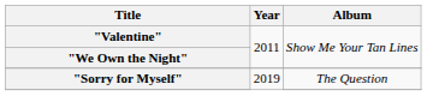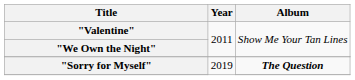 <table class="wikitable plainrowheaders" style="text-align:center;">
 <tr>
 <th scope="col" style="width:18em;">Title</th>
 <th scope="col">Year</th>
 <th scope="col">Album</th>
 </tr>
 <tr>
 <th scope="row">"Valentine"</th>
 <td rowspan="2">2011</td>
 <td rowspan="2"><em>Show Me Your Tan Lines</em></td>
 </tr>
 <tr>
 <th scope="row">"We Own the Night"</th>
 </tr>
 <tr>
 </tr>
 <tr>
 </tr>
 <tr>
 <th scope="row">"Sorry for Myself"</th>
 <td rowspan="2">2019</td>
-<td><em>The Question</em></td>
+<td><strong><em>The Question</em></strong></td>
 </tr>
 <tr>
 </tr>
 </table>
